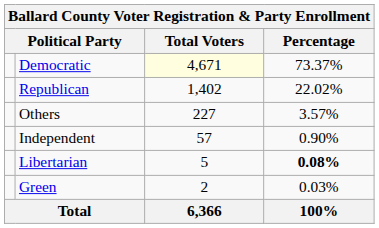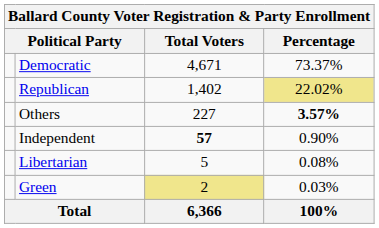 <table class=wikitable>
 <tr>
 <th colspan = 6>Ballard County Voter Registration & Party Enrollment </th>
 </tr>
 <tr>
 <th colspan = 2>Political Party</th>
 <th>Total Voters</th>
 <th>Percentage</th>
 </tr>
 <tr>
 <td></td>
 <td><a href='#'>Democratic</a></td>
-<td align = center style="background: lightyellow;">4,671</td>
+<td align = center>4,671</td>
 <td align = center>73.37%</td>
 </tr>
 <tr>
 <td></td>
 <td><a href='#'>Republican</a></td>
 <td align = center>1,402</td>
-<td align = center>22.02%</td>
+<td align = center style="background: khaki;">22.02%</td>
 </tr>
 <tr>
 <td></td>
 <td>Others</td>
 <td align = center>227</td>
-<td align = center>3.57%</td>
+<td align = center><strong>3.57%</strong></td>
 </tr>
 <tr>
 <td></td>
 <td>Independent</td>
-<td align = center>57</td>
+<td align = center><strong>57</strong></td>
 <td align = center>0.90%</td>
 </tr>
 <tr>
 <td></td>
 <td><a href='#'>Libertarian</a></td>
 <td align = center>5</td>
-<td align = center><strong>0.08%</strong></td>
+<td align = center>0.08%</td>
 </tr>
 <tr>
 <td></td>
 <td><a href='#'>Green</a></td>
-<td align = center>2</td>
+<td align = center style="background: khaki;">2</td>
 <td align = center>0.03%</td>
 </tr>
 <tr>
 <th colspan = 2>Total</th>
 <th align = center>6,366</th>
 <th align = center>100%</th>
 </tr>
 </table>
